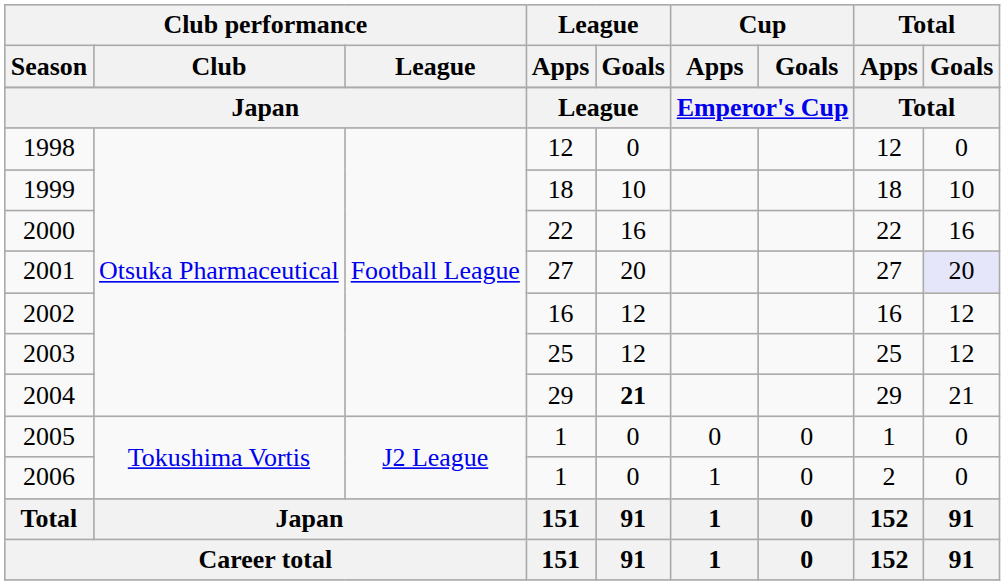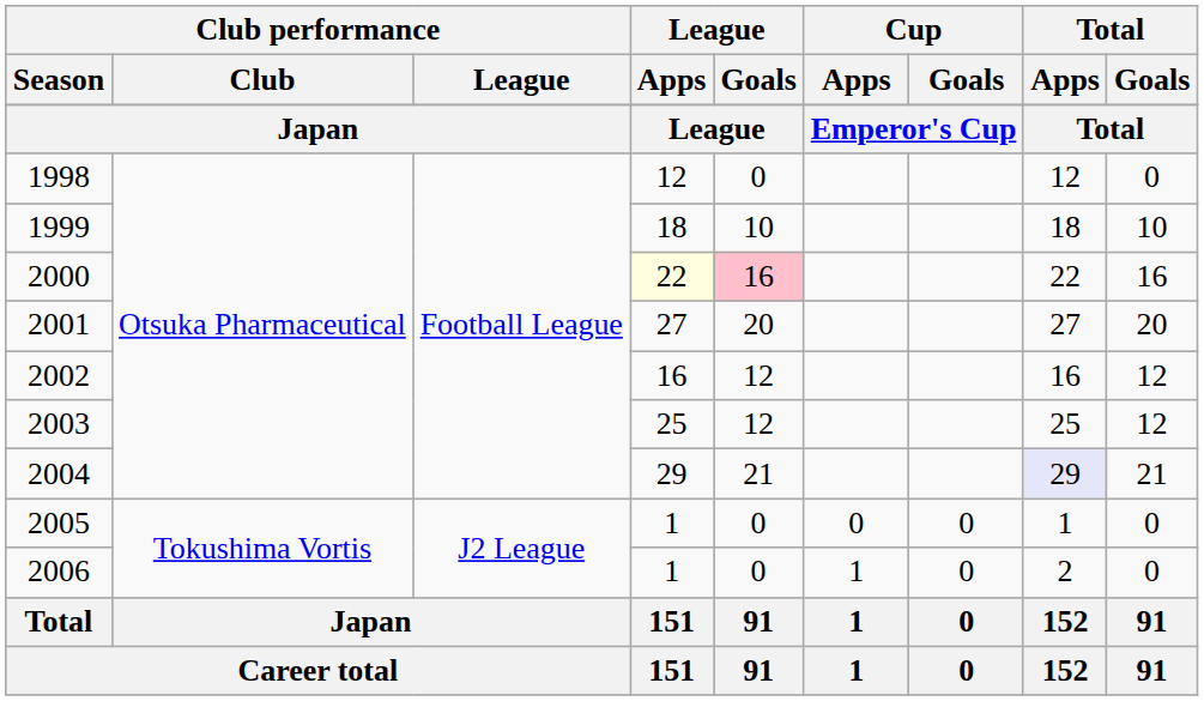 <table class="wikitable" style="text-align:center">
 <tr>
 <th colspan=3>Club performance</th>
 <th colspan=2>League</th>
 <th colspan=2>Cup</th>
 <th colspan=2>Total</th>
 </tr>
 <tr>
 <th>Season</th>
 <th>Club</th>
 <th>League</th>
 <th>Apps</th>
 <th>Goals</th>
 <th>Apps</th>
 <th>Goals</th>
 <th>Apps</th>
 <th>Goals</th>
 </tr>
 <tr>
 </tr>
 <tr>
 <th colspan=3>Japan</th>
 <th colspan=2>League</th>
 <th colspan=2><a href='#'>Emperor's Cup</a></th>
 <th colspan=2>Total</th>
 </tr>
 <tr>
 <td>1998</td>
 <td rowspan="7"><a href='#'>Otsuka Pharmaceutical</a></td>
 <td rowspan="7"><a href='#'>Football League</a></td>
 <td>12</td>
 <td>0</td>
 <td></td>
 <td></td>
 <td>12</td>
 <td>0</td>
 </tr>
 <tr>
 <td>1999</td>
 <td>18</td>
 <td>10</td>
 <td></td>
 <td></td>
 <td>18</td>
 <td>10</td>
 </tr>
 <tr>
 <td>2000</td>
-<td>22</td>
-<td>16</td>
+<td style="background: lightyellow;">22</td>
+<td style="background: pink;">16</td>
 <td></td>
 <td></td>
 <td>22</td>
 <td>16</td>
 </tr>
 <tr>
 <td>2001</td>
 <td>27</td>
 <td>20</td>
 <td></td>
 <td></td>
 <td>27</td>
-<td style="background: lavender;">20</td>
+<td>20</td>
 </tr>
 <tr>
 <td>2002</td>
 <td>16</td>
 <td>12</td>
 <td></td>
 <td></td>
 <td>16</td>
 <td>12</td>
 </tr>
 <tr>
 <td>2003</td>
 <td>25</td>
 <td>12</td>
 <td></td>
 <td></td>
 <td>25</td>
 <td>12</td>
 </tr>
 <tr>
 <td>2004</td>
 <td>29</td>
-<td><strong>21</strong></td>
+<td>21</td>
 <td></td>
 <td></td>
-<td>29</td>
+<td style="background: lavender;">29</td>
 <td>21</td>
 </tr>
 <tr>
 <td>2005</td>
 <td rowspan="2"><a href='#'>Tokushima Vortis</a></td>
 <td rowspan="2"><a href='#'>J2 League</a></td>
 <td>1</td>
 <td>0</td>
 <td>0</td>
 <td>0</td>
 <td>1</td>
 <td>0</td>
 </tr>
 <tr>
 <td>2006</td>
 <td>1</td>
 <td>0</td>
 <td>1</td>
 <td>0</td>
 <td>2</td>
 <td>0</td>
 </tr>
 <tr>
 <th rowspan=1>Total</th>
 <th colspan=2>Japan</th>
 <th>151</th>
 <th>91</th>
 <th>1</th>
 <th>0</th>
 <th>152</th>
 <th>91</th>
 </tr>
 <tr>
 <th colspan=3>Career total</th>
 <th>151</th>
 <th>91</th>
 <th>1</th>
 <th>0</th>
 <th>152</th>
 <th>91</th>
 </tr>
 </table>
